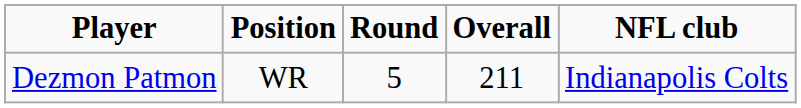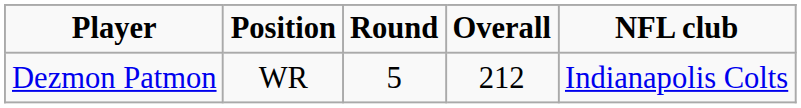 <table class="wikitable" style="text-align:center">
 <tr style="text-align:center; ">
 <td><strong>Player</strong></td>
 <td><strong>Position</strong></td>
 <td><strong>Round</strong></td>
 <td><strong>Overall</strong></td>
 <td><strong>NFL club</strong></td>
 </tr>
 <tr>
 <td><a href='#'>Dezmon Patmon</a></td>
 <td>WR</td>
 <td>5</td>
-<td>211</td>
+<td>212</td>
 <td><a href='#'>Indianapolis Colts</a></td>
 </tr>
 </table>
